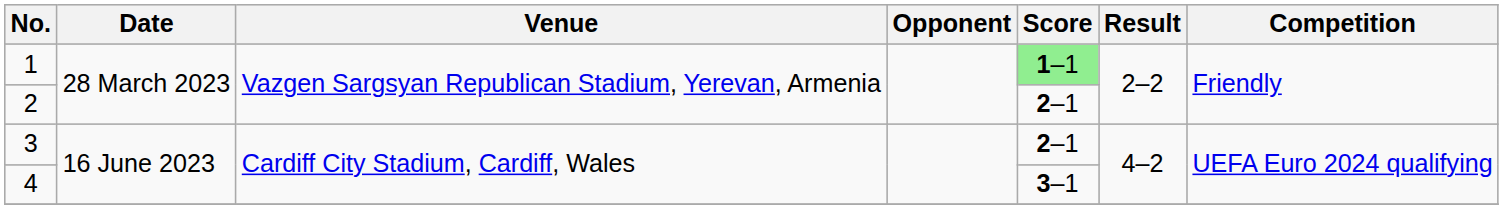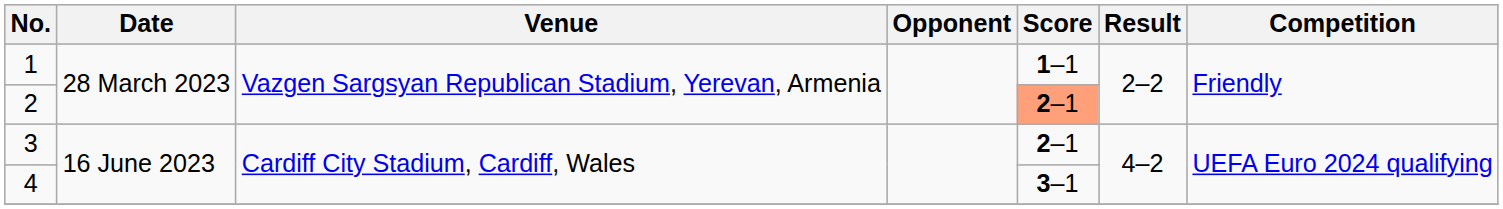 <table class="wikitable sortable">
 <tr>
 <th scope="col">No.</th>
 <th scope="col">Date</th>
 <th scope="col">Venue</th>
 <th scope="col">Opponent</th>
 <th scope="col">Score</th>
 <th scope="col">Result</th>
 <th scope="col">Competition</th>
 </tr>
 <tr>
 <td style="text-align:center">1</td>
 <td rowspan="2">28 March 2023</td>
 <td rowspan="2"><a href='#'>Vazgen Sargsyan Republican Stadium</a>, <a href='#'>Yerevan</a>, Armenia</td>
 <td rowspan="2"></td>
-<td style="background: lightgreen; text-align:center"><strong>1</strong>–1</td>
+<td style="text-align:center"><strong>1</strong>–1</td>
 <td rowspan="2" style="text-align:center">2–2</td>
 <td rowspan="2"><a href='#'>Friendly</a></td>
 </tr>
 <tr>
 <td style="text-align:center">2</td>
-<td style="text-align:center"><strong>2</strong>–1</td>
+<td style="background: lightsalmon; text-align:center"><strong>2</strong>–1</td>
 </tr>
 <tr>
 <td style="text-align:center">3</td>
 <td rowspan="2">16 June 2023</td>
 <td rowspan="2"><a href='#'>Cardiff City Stadium</a>, <a href='#'>Cardiff</a>, Wales</td>
 <td rowspan="2"></td>
 <td style="text-align:center"><strong>2</strong>–1</td>
 <td rowspan="2"  align=center>4–2</td>
 <td rowspan="2"><a href='#'>UEFA Euro 2024 qualifying</a></td>
 </tr>
 <tr>
 <td style="text-align:center">4</td>
 <td style="text-align:center"><strong>3</strong>–1</td>
 </tr>
 <tr>
 </tr>
 </table>
